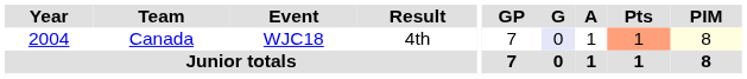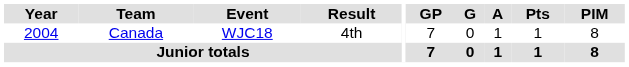 <table border="0" cellpadding="1" cellspacing="0" ID="Table3" style="text-align:center; width:40em">
 <tr ALIGN="center" bgcolor="#e0e0e0">
 <th>Year</th>
 <th>Team</th>
 <th>Event</th>
 <th>Result</th>
 <th rowspan="99" bgcolor="#ffffff"></th>
 <th>GP</th>
 <th>G</th>
 <th>A</th>
 <th>Pts</th>
 <th>PIM</th>
 </tr>
 <tr>
 <td><a href='#'>2004</a></td>
 <td><a href='#'>Canada</a></td>
 <td><a href='#'>WJC18</a></td>
 <td>4th</td>
 <td>7</td>
-<td style="background: lavender;">0</td>
+<td>0</td>
 <td>1</td>
-<td style="background: lightsalmon;">1</td>
-<td style="background: lightyellow;">8</td>
+<td>1</td>
+<td>8</td>
 </tr>
 <tr bgcolor="#e0e0e0">
 <th colspan="4">Junior totals</th>
 <th>7</th>
 <th>0</th>
 <th>1</th>
 <th>1</th>
 <th>8</th>
 </tr>
 </table>
